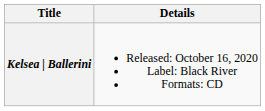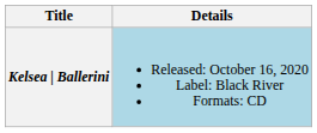 <table class="wikitable plainrowheaders" style="text-align:center;">
 <tr>
 <th scope="col">Title</th>
 <th scope="col">Details</th>
 </tr>
 <tr>
 <th scope="row"><em>Kelsea | Ballerini</em></th>
-<td><br><ul><li>Released: October 16, 2020</li><li>Label: Black River</li><li>Formats: CD</li></ul></td>
+<td style="background: lightblue;"><br><ul><li>Released: October 16, 2020</li><li>Label: Black River</li><li>Formats: CD</li></ul></td>
 </tr>
 </table>
